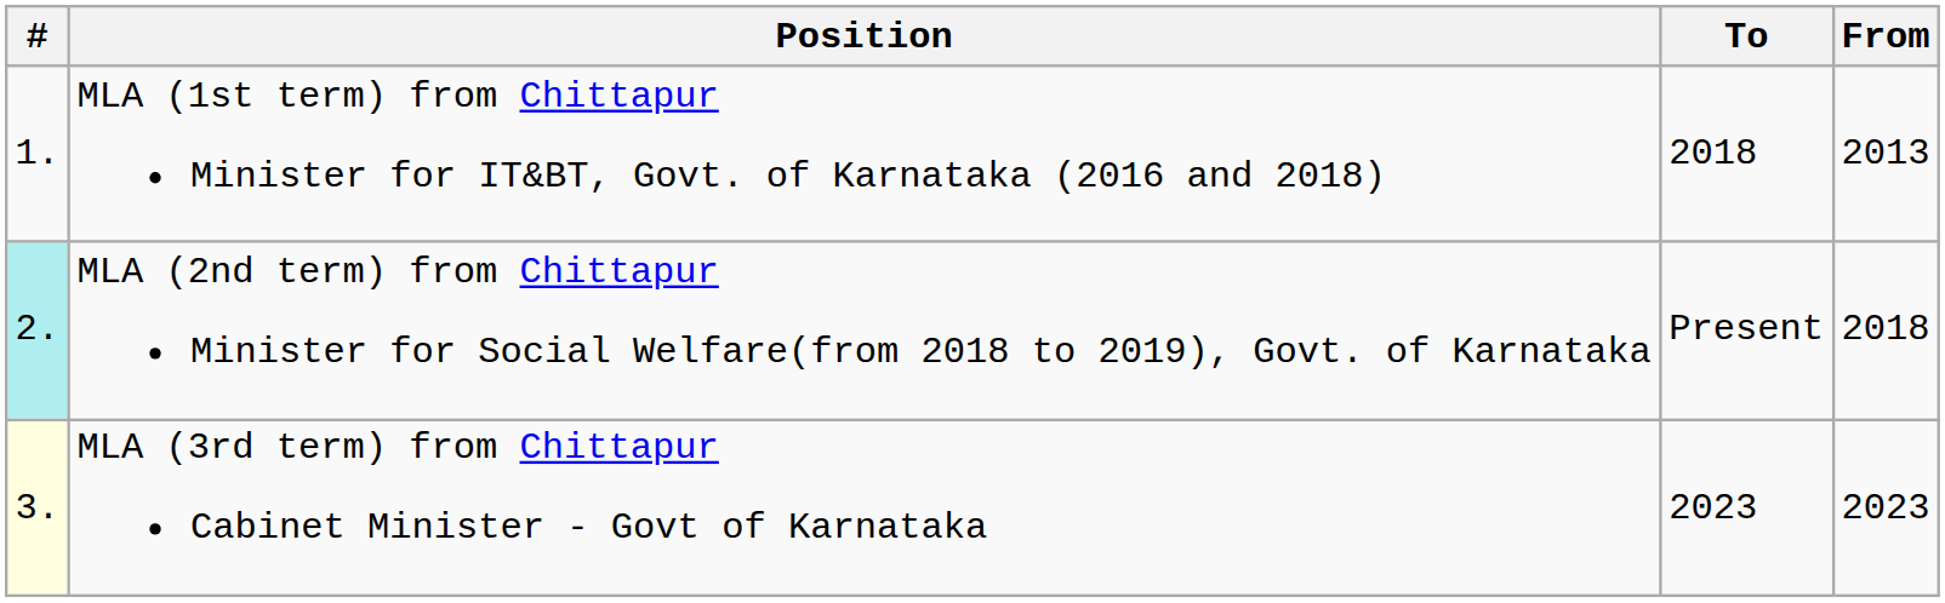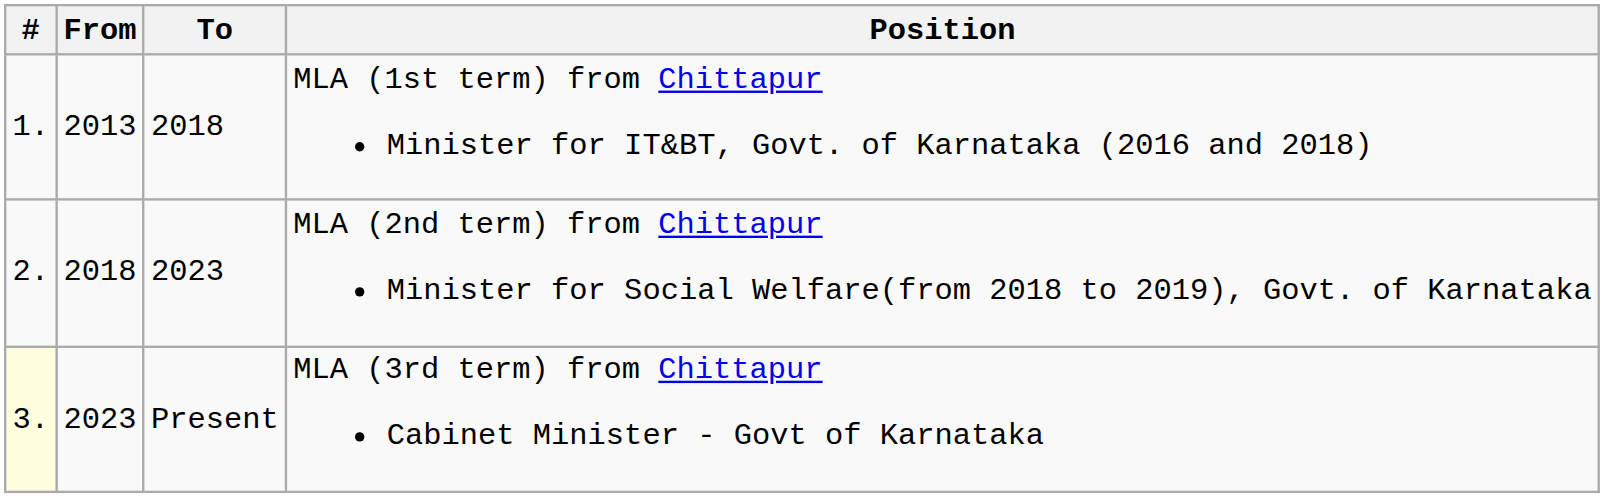 <table class="wikitable sortable">
 <tr>
 <th>#</th>
+<th>From</th>
+<th>To</th>
 <th>Position</th>
-<th>To</th>
-<th>From</th>
 </tr>
 <tr>
 <td>1.</td>
+<td>2013</td>
+<td>2018</td>
 <td>MLA (1st term) from <a href='#'>Chittapur</a><br><ul><li>Minister for IT&BT, Govt. of Karnataka (2016 and 2018)</li></ul></td>
-<td>2018</td>
-<td>2013</td>
 </tr>
 <tr>
-<td style="background: paleturquoise;">2.</td>
+<td>2.</td>
+<td>2018</td>
+<td>2023</td>
 <td>MLA (2nd term) from <a href='#'>Chittapur</a><br><ul><li>Minister for Social Welfare(from 2018 to 2019), Govt. of Karnataka</li></ul></td>
-<td>Present</td>
-<td>2018</td>
 </tr>
 <tr>
 <td style="background: lightyellow;">3.</td>
+<td>2023</td>
+<td>Present</td>
 <td>MLA (3rd term) from <a href='#'>Chittapur</a><br><ul><li>Cabinet Minister - Govt of Karnataka</li></ul></td>
-<td>2023</td>
-<td>2023</td>
 </tr>
 </table>
